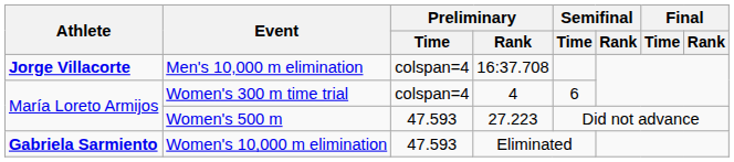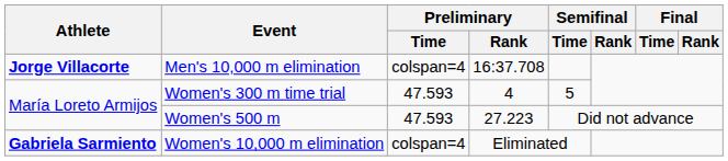 <table class=wikitable style=font-size:90%;text-align:center>
 <tr>
 <th rowspan=2>Athlete</th>
 <th rowspan=2>Event</th>
 <th colspan=2>Preliminary</th>
 <th colspan=2>Semifinal</th>
 <th colspan=2>Final</th>
 </tr>
 <tr style=font-size:95%>
 <th>Time</th>
 <th>Rank</th>
 <th>Time</th>
 <th>Rank</th>
 <th>Time</th>
 <th>Rank</th>
 </tr>
 <tr>
 <td style="text-align:left"><strong><a href='#'>Jorge Villacorte</a></strong></td>
 <td style="text-align:left"><a href='#'>Men's 10,000 m elimination</a></td>
 <td>colspan=4 </td>
 <td>16:37.708</td>
 <td></td>
 </tr>
 <tr>
 <td style="text-align:left" rowspan=2><a href='#'>María Loreto Armijos</a></td>
 <td style="text-align:left"><a href='#'>Women's 300 m time trial</a></td>
-<td>colspan=4 </td>
+<td>47.593</td>
 <td>4</td>
-<td>6</td>
+<td>5</td>
 </tr>
 <tr>
 <td style="text-align:left"><a href='#'>Women's 500 m</a></td>
 <td>47.593</td>
 <td>27.223</td>
 <td colspan=4>Did not advance</td>
 </tr>
 <tr>
 <td style="text-align:left"><strong><a href='#'>Gabriela Sarmiento</a></strong></td>
 <td style="text-align:left"><a href='#'>Women's 10,000 m elimination</a></td>
-<td>47.593</td>
+<td>colspan=4 </td>
 <td colspan=2>Eliminated</td>
 </tr>
 </table>
